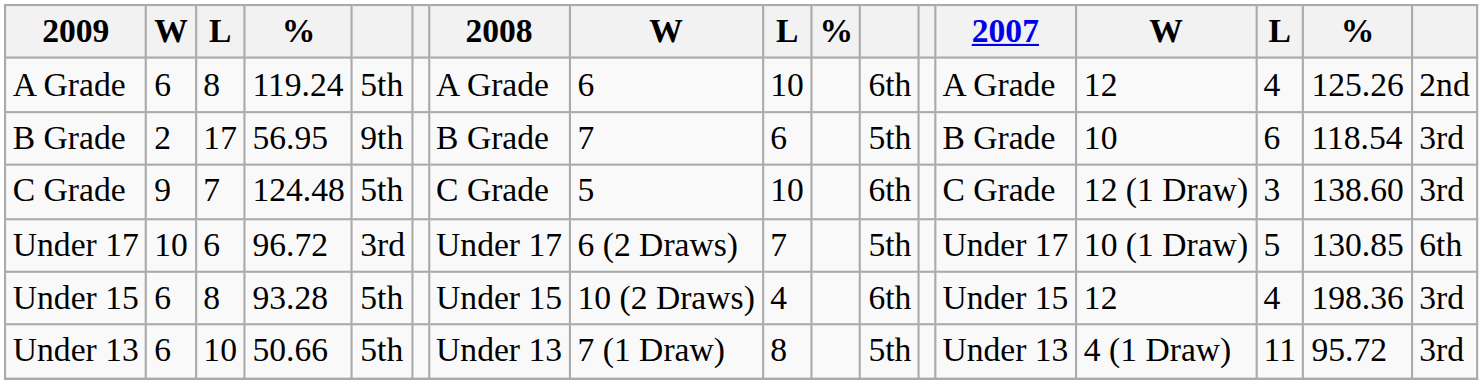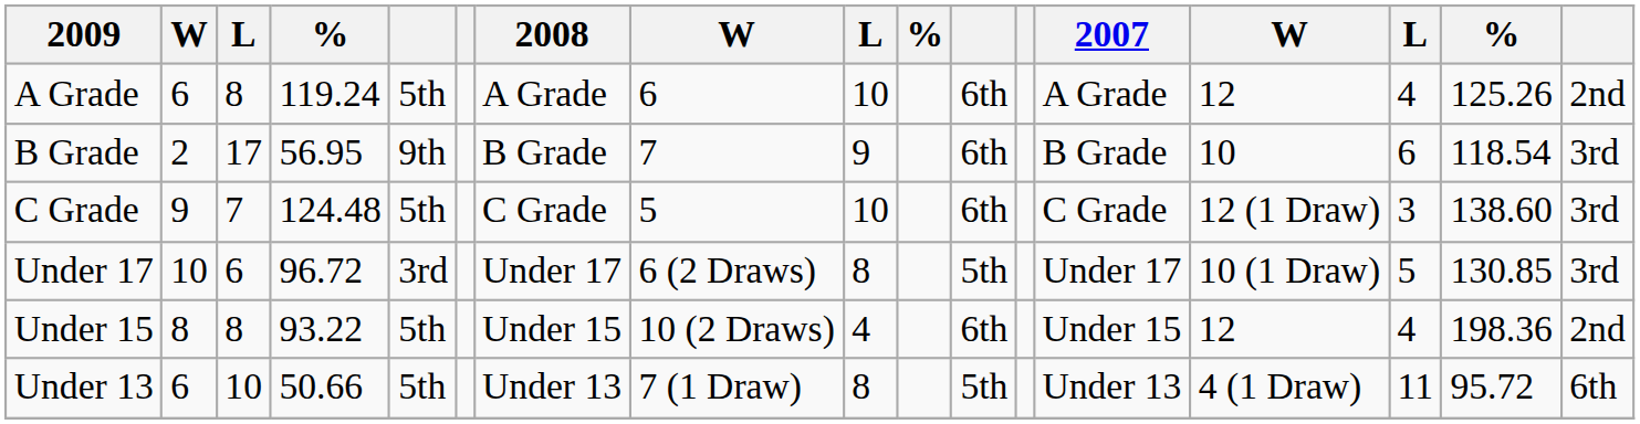 <table class="wikitable">
 <tr>
 <th style= width="90"><span><strong>2009</strong></span></th>
 <th style= width="40">W</th>
 <th style= width="40">L</th>
 <th style= width="50">%</th>
 <th style= width="50"></th>
 <th style= width="30"></th>
 <th style= width="90"><span><strong>2008</strong></span></th>
 <th style= width="80">W</th>
 <th style= width="40">L</th>
 <th style= width="50">%</th>
 <th style= width="50"></th>
 <th style= width="30"></th>
 <th style= width="90"><a href='#'><span><strong>2007</strong></span></a></th>
 <th style= width="80">W</th>
 <th style= width="40">L</th>
 <th style= width="50">%</th>
 <th style= width="50"></th>
 </tr>
 <tr>
 <td>A Grade</td>
 <td>6</td>
 <td>8</td>
 <td>119.24</td>
 <td>5th</td>
 <td></td>
 <td>A Grade</td>
 <td>6</td>
 <td>10</td>
 <td></td>
 <td>6th</td>
 <td></td>
 <td>A Grade</td>
 <td>12</td>
 <td>4</td>
 <td>125.26</td>
 <td>2nd</td>
 </tr>
 <tr>
 <td>B Grade</td>
 <td>2</td>
 <td>17</td>
 <td>56.95</td>
 <td>9th</td>
 <td></td>
 <td>B Grade</td>
 <td>7</td>
-<td>6</td>
+<td>9</td>
 <td></td>
-<td>5th</td>
+<td>6th</td>
 <td></td>
 <td>B Grade</td>
 <td>10</td>
 <td>6</td>
 <td>118.54</td>
 <td>3rd</td>
 </tr>
 <tr>
 <td>C Grade</td>
 <td>9</td>
 <td>7</td>
 <td>124.48</td>
 <td>5th</td>
 <td></td>
 <td>C Grade</td>
 <td>5</td>
 <td>10</td>
 <td></td>
 <td>6th</td>
 <td></td>
 <td>C Grade</td>
 <td>12 (1 Draw)</td>
 <td>3</td>
 <td>138.60</td>
 <td>3rd</td>
 </tr>
 <tr>
 <td>Under 17</td>
 <td>10</td>
 <td>6</td>
 <td>96.72</td>
 <td>3rd</td>
 <td></td>
 <td>Under 17</td>
 <td>6 (2 Draws)</td>
-<td>7</td>
+<td>8</td>
 <td></td>
 <td>5th</td>
 <td></td>
 <td>Under 17</td>
 <td>10 (1 Draw)</td>
 <td>5</td>
 <td>130.85</td>
-<td>6th</td>
+<td>3rd</td>
 </tr>
 <tr>
 <td>Under 15</td>
-<td>6</td>
 <td>8</td>
-<td>93.28</td>
+<td>8</td>
+<td>93.22</td>
 <td>5th</td>
 <td></td>
 <td>Under 15</td>
 <td>10 (2 Draws)</td>
 <td>4</td>
 <td></td>
 <td>6th</td>
 <td></td>
 <td>Under 15</td>
 <td>12</td>
 <td>4</td>
 <td>198.36</td>
-<td>3rd</td>
+<td>2nd</td>
 </tr>
 <tr>
 <td>Under 13</td>
 <td>6</td>
 <td>10</td>
 <td>50.66</td>
 <td>5th</td>
 <td></td>
 <td>Under 13</td>
 <td>7 (1 Draw)</td>
 <td>8</td>
 <td></td>
 <td>5th</td>
 <td></td>
 <td>Under 13</td>
 <td>4 (1 Draw)</td>
 <td>11</td>
 <td>95.72</td>
-<td>3rd</td>
+<td>6th</td>
 </tr>
 <tr>
 </tr>
 </table>
